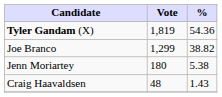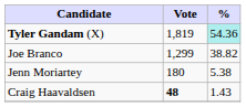 <table class="wikitable">
 <tr>
 <th style="background:#ddf; width:200px;">Candidate</th>
 <th style="background:#ddf; width:50px;">Vote</th>
 <th style="background:#ddf; width:30px;">%</th>
 </tr>
 <tr>
 <td><strong>Tyler Gandam</strong> (X)</td>
 <td>1,819</td>
-<td>54.36</td>
+<td style="background: paleturquoise;">54.36</td>
 </tr>
 <tr>
 <td>Joe Branco</td>
 <td>1,299</td>
 <td>38.82</td>
 </tr>
 <tr>
 <td>Jenn Moriartey</td>
 <td>180</td>
 <td>5.38</td>
 </tr>
 <tr>
 <td>Craig Haavaldsen</td>
-<td>48</td>
+<td><strong>48</strong></td>
 <td>1.43</td>
 </tr>
 <tr>
 </tr>
 </table>
